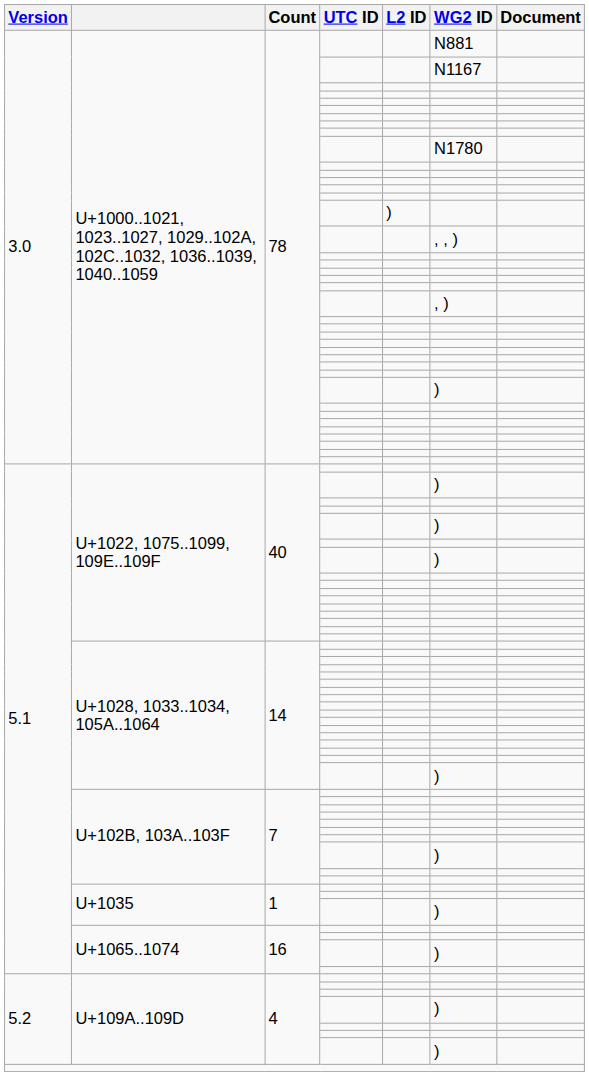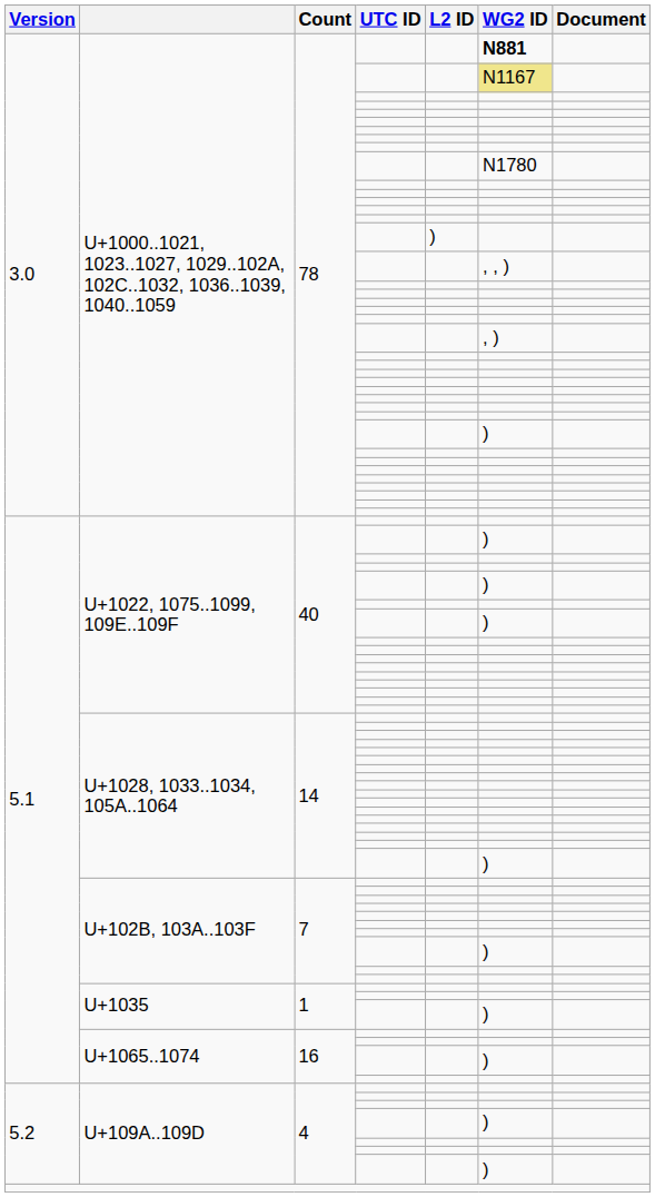 <table class="wikitable collapsible collapsed sticky-header">
 <tr>
 <th><a href='#'>Version</a></th>
 <th></th>
 <th>Count</th>
 <th><a href='#'>UTC</a> ID</th>
 <th><a href='#'>L2</a> ID</th>
 <th><a href='#'>WG2</a> ID</th>
 <th>Document</th>
 </tr>
 <tr>
 <td rowspan="40">3.0</td>
 <td rowspan="40" width="180">U+1000..1021, 1023..1027, 1029..102A, 102C..1032, 1036..1039, 1040..1059</td>
 <td rowspan="40">78</td>
 <td></td>
 <td></td>
-<td>N881</td>
+<td><strong>N881</strong></td>
 <td></td>
 </tr>
 <tr>
 <td></td>
 <td></td>
-<td>N1167</td>
+<td style="background: khaki;">N1167</td>
 <td></td>
 </tr>
 <tr>
 <td></td>
 <td></td>
 <td></td>
 <td></td>
 </tr>
 <tr>
 <td></td>
 <td></td>
 <td></td>
 <td></td>
 </tr>
 <tr>
 <td></td>
 <td></td>
 <td></td>
 <td></td>
 </tr>
 <tr>
 <td></td>
 <td></td>
 <td></td>
 <td></td>
 </tr>
 <tr>
 <td></td>
 <td></td>
 <td></td>
 <td></td>
 </tr>
 <tr>
 <td></td>
 <td></td>
 <td></td>
 <td></td>
 </tr>
 <tr>
 <td></td>
 <td></td>
 <td></td>
 <td></td>
 </tr>
 <tr>
 <td></td>
 <td></td>
 <td>N1780</td>
 <td></td>
 </tr>
 <tr>
 <td></td>
 <td></td>
 <td></td>
 <td></td>
 </tr>
 <tr>
 <td></td>
 <td></td>
 <td></td>
 <td></td>
 </tr>
 <tr>
 <td></td>
 <td></td>
 <td></td>
 <td></td>
 </tr>
 <tr>
 <td></td>
 <td></td>
 <td></td>
 <td></td>
 </tr>
 <tr>
 <td></td>
 <td></td>
 <td></td>
 <td></td>
 </tr>
 <tr>
 <td></td>
 <td> )</td>
 <td></td>
 <td></td>
 </tr>
 <tr>
 <td></td>
 <td></td>
 <td> , , )</td>
 <td></td>
 </tr>
 <tr>
 <td></td>
 <td></td>
 <td></td>
 <td></td>
 </tr>
 <tr>
 <td></td>
 <td></td>
 <td></td>
 <td></td>
 </tr>
 <tr>
 <td></td>
 <td></td>
 <td></td>
 <td></td>
 </tr>
 <tr>
 <td></td>
 <td></td>
 <td></td>
 <td></td>
 </tr>
 <tr>
 <td></td>
 <td></td>
 <td></td>
 <td></td>
 </tr>
 <tr>
 <td></td>
 <td></td>
 <td> , )</td>
 <td></td>
 </tr>
 <tr>
 <td></td>
 <td></td>
 <td></td>
 <td></td>
 </tr>
 <tr>
 <td></td>
 <td></td>
 <td></td>
 <td></td>
 </tr>
 <tr>
 <td></td>
 <td></td>
 <td></td>
 <td></td>
 </tr>
 <tr>
 <td></td>
 <td></td>
 <td></td>
 <td></td>
 </tr>
 <tr>
 <td></td>
 <td></td>
 <td></td>
 <td></td>
 </tr>
 <tr>
 <td></td>
 <td></td>
 <td></td>
 <td></td>
 </tr>
 <tr>
 <td></td>
 <td></td>
 <td></td>
 <td></td>
 </tr>
 <tr>
 <td></td>
 <td></td>
 <td></td>
 <td></td>
 </tr>
 <tr>
 <td></td>
 <td></td>
 <td> )</td>
 <td></td>
 </tr>
 <tr>
 <td></td>
 <td></td>
 <td></td>
 <td></td>
 </tr>
 <tr>
 <td></td>
 <td></td>
 <td></td>
 <td></td>
 </tr>
 <tr>
 <td></td>
 <td></td>
 <td></td>
 <td></td>
 </tr>
 <tr>
 <td></td>
 <td></td>
 <td></td>
 <td></td>
 </tr>
 <tr>
 <td></td>
 <td></td>
 <td></td>
 <td></td>
 </tr>
 <tr>
 <td></td>
 <td></td>
 <td></td>
 <td></td>
 </tr>
 <tr>
 <td></td>
 <td></td>
 <td></td>
 <td></td>
 </tr>
 <tr>
 <td></td>
 <td></td>
 <td></td>
 <td></td>
 </tr>
 <tr>
 <td rowspan="50">5.1</td>
 <td rowspan="16">U+1022, 1075..1099, 109E..109F</td>
 <td rowspan="16">40</td>
 <td></td>
 <td></td>
 <td></td>
 <td></td>
 </tr>
 <tr>
 <td></td>
 <td></td>
 <td> )</td>
 <td></td>
 </tr>
 <tr>
 <td></td>
 <td></td>
 <td></td>
 <td></td>
 </tr>
 <tr>
 <td></td>
 <td></td>
 <td></td>
 <td></td>
 </tr>
 <tr>
 <td></td>
 <td></td>
 <td> )</td>
 <td></td>
 </tr>
 <tr>
 <td></td>
 <td></td>
 <td></td>
 <td></td>
 </tr>
 <tr>
 <td></td>
 <td></td>
 <td> )</td>
 <td></td>
 </tr>
 <tr>
 <td></td>
 <td></td>
 <td></td>
 <td></td>
 </tr>
 <tr>
 <td></td>
 <td></td>
 <td></td>
 <td></td>
 </tr>
 <tr>
 <td></td>
 <td></td>
 <td></td>
 <td></td>
 </tr>
 <tr>
 <td></td>
 <td></td>
 <td></td>
 <td></td>
 </tr>
 <tr>
 <td></td>
 <td></td>
 <td></td>
 <td></td>
 </tr>
 <tr>
 <td></td>
 <td></td>
 <td></td>
 <td></td>
 </tr>
 <tr>
 <td></td>
 <td></td>
 <td></td>
 <td></td>
 </tr>
 <tr>
 <td></td>
 <td></td>
 <td></td>
 <td></td>
 </tr>
 <tr>
 <td></td>
 <td></td>
 <td></td>
 <td></td>
 </tr>
 <tr>
 <td rowspan="17">U+1028, 1033..1034, 105A..1064</td>
 <td rowspan="17">14</td>
 <td></td>
 <td></td>
 <td></td>
 <td></td>
 </tr>
 <tr>
 <td></td>
 <td></td>
 <td></td>
 <td></td>
 </tr>
 <tr>
 <td></td>
 <td></td>
 <td></td>
 <td></td>
 </tr>
 <tr>
 <td></td>
 <td></td>
 <td></td>
 <td></td>
 </tr>
 <tr>
 <td></td>
 <td></td>
 <td></td>
 <td></td>
 </tr>
 <tr>
 <td></td>
 <td></td>
 <td></td>
 <td></td>
 </tr>
 <tr>
 <td></td>
 <td></td>
 <td></td>
 <td></td>
 </tr>
 <tr>
 <td></td>
 <td></td>
 <td></td>
 <td></td>
 </tr>
 <tr>
 <td></td>
 <td></td>
 <td></td>
 <td></td>
 </tr>
 <tr>
 <td></td>
 <td></td>
 <td></td>
 <td></td>
 </tr>
 <tr>
 <td></td>
 <td></td>
 <td></td>
 <td></td>
 </tr>
 <tr>
 <td></td>
 <td></td>
 <td></td>
 <td></td>
 </tr>
 <tr>
 <td></td>
 <td></td>
 <td></td>
 <td></td>
 </tr>
 <tr>
 <td></td>
 <td></td>
 <td></td>
 <td></td>
 </tr>
 <tr>
 <td></td>
 <td></td>
 <td></td>
 <td></td>
 </tr>
 <tr>
 <td></td>
 <td></td>
 <td></td>
 <td></td>
 </tr>
 <tr>
 <td></td>
 <td></td>
 <td> )</td>
 <td></td>
 </tr>
 <tr>
 <td rowspan="10">U+102B, 103A..103F</td>
 <td rowspan="10">7</td>
 <td></td>
 <td></td>
 <td></td>
 <td></td>
 </tr>
 <tr>
 <td></td>
 <td></td>
 <td></td>
 <td></td>
 </tr>
 <tr>
 <td></td>
 <td></td>
 <td></td>
 <td></td>
 </tr>
 <tr>
 <td></td>
 <td></td>
 <td></td>
 <td></td>
 </tr>
 <tr>
 <td></td>
 <td></td>
 <td></td>
 <td></td>
 </tr>
 <tr>
 <td></td>
 <td></td>
 <td></td>
 <td></td>
 </tr>
 <tr>
 <td></td>
 <td></td>
 <td></td>
 <td></td>
 </tr>
 <tr>
 <td></td>
 <td></td>
 <td> )</td>
 <td></td>
 </tr>
 <tr>
 <td></td>
 <td></td>
 <td></td>
 <td></td>
 </tr>
 <tr>
 <td></td>
 <td></td>
 <td></td>
 <td></td>
 </tr>
 <tr>
 <td rowspan="3">U+1035</td>
 <td rowspan="3">1</td>
 <td></td>
 <td></td>
 <td></td>
 <td></td>
 </tr>
 <tr>
 <td></td>
 <td></td>
 <td></td>
 <td></td>
 </tr>
 <tr>
 <td></td>
 <td></td>
 <td> )</td>
 <td></td>
 </tr>
 <tr>
 <td rowspan="4">U+1065..1074</td>
 <td rowspan="4">16</td>
 <td></td>
 <td></td>
 <td></td>
 <td></td>
 </tr>
 <tr>
 <td></td>
 <td></td>
 <td></td>
 <td></td>
 </tr>
 <tr>
 <td></td>
 <td></td>
 <td> )</td>
 <td></td>
 </tr>
 <tr>
 <td></td>
 <td></td>
 <td></td>
 <td></td>
 </tr>
 <tr>
 <td rowspan="7">5.2</td>
 <td rowspan="7">U+109A..109D</td>
 <td rowspan="7">4</td>
 <td></td>
 <td></td>
 <td></td>
 <td></td>
 </tr>
 <tr>
 <td></td>
 <td></td>
 <td></td>
 <td></td>
 </tr>
 <tr>
 <td></td>
 <td></td>
 <td></td>
 <td></td>
 </tr>
 <tr>
 <td></td>
 <td></td>
 <td> )</td>
 <td></td>
 </tr>
 <tr>
 <td></td>
 <td></td>
 <td></td>
 <td></td>
 </tr>
 <tr>
 <td></td>
 <td></td>
 <td></td>
 <td></td>
 </tr>
 <tr>
 <td></td>
 <td></td>
 <td> )</td>
 <td></td>
 </tr>
 <tr class="sortbottom">
 <td colspan="7"></td>
 </tr>
 </table>
